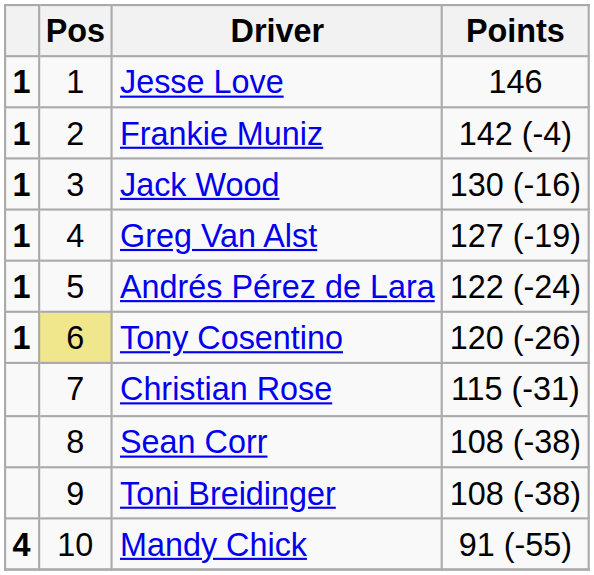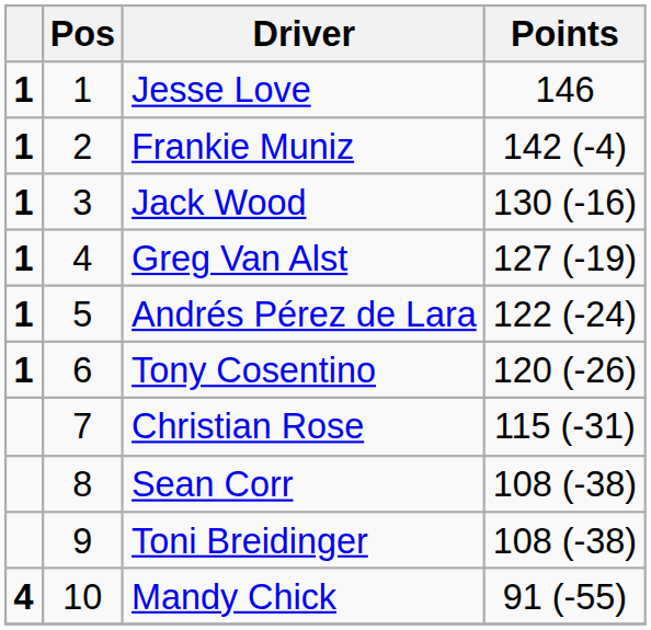 <table class="wikitable" style="font-size: 95%;">
 <tr>
 <th></th>
 <th>Pos</th>
 <th>Driver</th>
 <th>Points</th>
 </tr>
 <tr>
 <td align="left"> <strong>1</strong></td>
 <td style="text-align:center;">1</td>
 <td><a href='#'>Jesse Love</a></td>
 <td style="text-align:center;">146</td>
 </tr>
 <tr>
 <td align="left"> <strong>1</strong></td>
 <td style="text-align:center;">2</td>
 <td><a href='#'>Frankie Muniz</a></td>
 <td style="text-align:center;">142 (-4)</td>
 </tr>
 <tr>
 <td align="left"> <strong>1</strong></td>
 <td style="text-align:center;">3</td>
 <td><a href='#'>Jack Wood</a></td>
 <td style="text-align:center;">130 (-16)</td>
 </tr>
 <tr>
 <td align="left"> <strong>1</strong></td>
 <td style="text-align:center;">4</td>
 <td><a href='#'>Greg Van Alst</a></td>
 <td style="text-align:center;">127 (-19)</td>
 </tr>
 <tr>
 <td align="left"> <strong>1</strong></td>
 <td style="text-align:center;">5</td>
 <td><a href='#'>Andrés Pérez de Lara</a></td>
 <td style="text-align:center;">122 (-24)</td>
 </tr>
 <tr>
 <td align="left"> <strong>1</strong></td>
-<td style="background: khaki; text-align:center;">6</td>
+<td style="text-align:center;">6</td>
 <td><a href='#'>Tony Cosentino</a></td>
 <td style="text-align:center;">120 (-26)</td>
 </tr>
 <tr>
 <td align="left"></td>
 <td style="text-align:center;">7</td>
 <td><a href='#'>Christian Rose</a></td>
 <td style="text-align:center;">115 (-31)</td>
 </tr>
 <tr>
 <td align="left"></td>
 <td style="text-align:center;">8</td>
 <td><a href='#'>Sean Corr</a></td>
 <td style="text-align:center;">108 (-38)</td>
 </tr>
 <tr>
 <td align="left"></td>
 <td style="text-align:center;">9</td>
 <td><a href='#'>Toni Breidinger</a></td>
 <td style="text-align:center;">108 (-38)</td>
 </tr>
 <tr>
 <td align="left"> <strong>4</strong></td>
 <td style="text-align:center;">10</td>
 <td><a href='#'>Mandy Chick</a></td>
 <td style="text-align:center;">91 (-55)</td>
 </tr>
 <tr class="sortbottom">
 </tr>
 </table>
